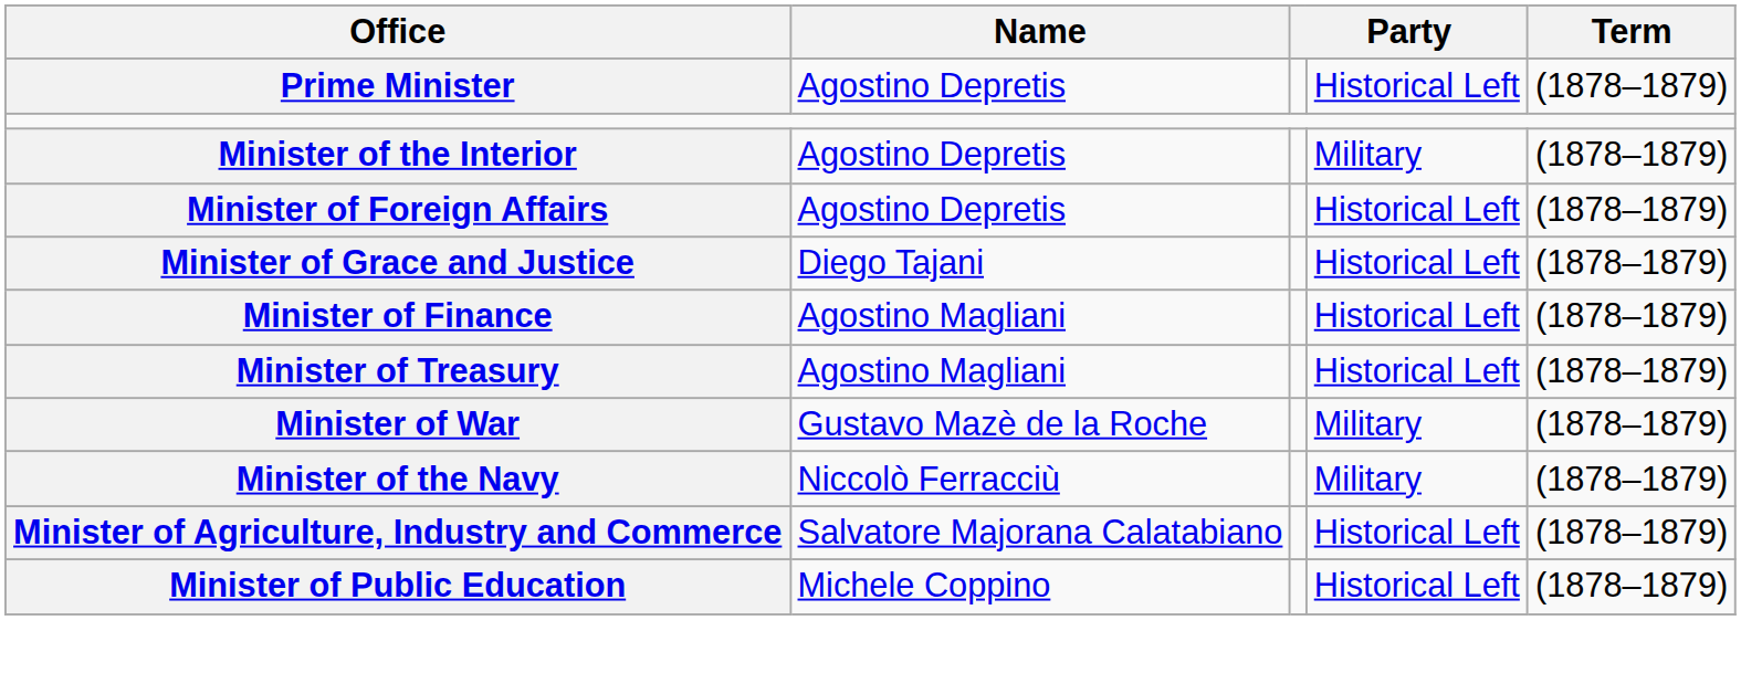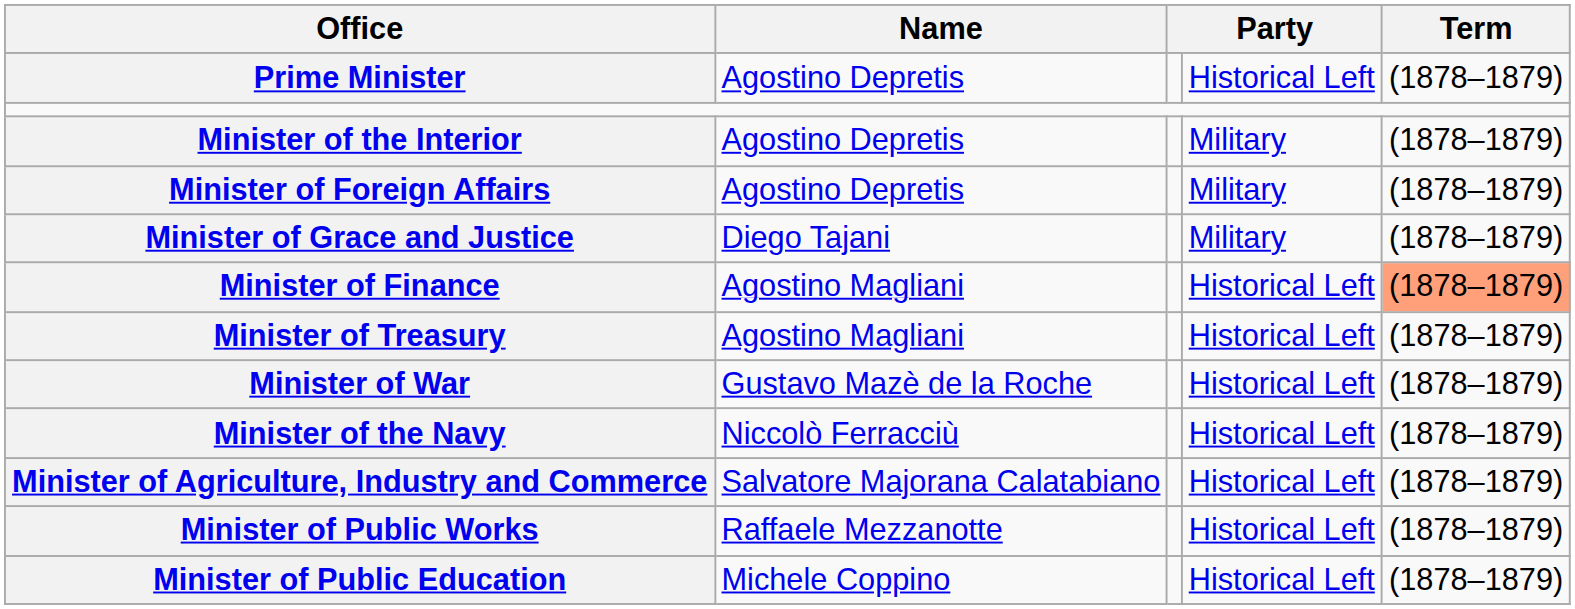 <table class="wikitable" style="font-size: 100%;">
 <tr>
 <th>Office</th>
 <th>Name</th>
 <th colspan=2>Party</th>
 <th>Term</th>
 </tr>
 <tr>
 <th><a href='#'>Prime Minister</a></th>
 <td><a href='#'>Agostino Depretis</a></td>
 <td style="color:inherit;background:"></td>
 <td><a href='#'>Historical Left</a></td>
 <td>(1878–1879)</td>
 </tr>
 <tr>
 <td colspan=5></td>
 </tr>
 <tr>
 <th><a href='#'>Minister of the Interior</a></th>
 <td><a href='#'>Agostino Depretis</a></td>
 <td style="color:inherit;background:"></td>
 <td><a href='#'>Military</a></td>
 <td>(1878–1879)</td>
 </tr>
 <tr>
 <th><a href='#'>Minister of Foreign Affairs</a></th>
 <td><a href='#'>Agostino Depretis</a></td>
 <td style="color:inherit;background:"></td>
-<td><a href='#'>Historical Left</a></td>
+<td><a href='#'>Military</a></td>
 <td>(1878–1879)</td>
 </tr>
 <tr>
 <th><a href='#'>Minister of Grace and Justice</a></th>
 <td><a href='#'>Diego Tajani</a></td>
 <td style="color:inherit;background:"></td>
-<td><a href='#'>Historical Left</a></td>
+<td><a href='#'>Military</a></td>
 <td>(1878–1879)</td>
 </tr>
 <tr>
 <th><a href='#'>Minister of Finance</a></th>
 <td><a href='#'>Agostino Magliani</a></td>
 <td style="color:inherit;background:"></td>
 <td><a href='#'>Historical Left</a></td>
-<td>(1878–1879)</td>
+<td style="background: lightsalmon;">(1878–1879)</td>
 </tr>
 <tr>
 <th><a href='#'>Minister of Treasury</a></th>
 <td><a href='#'>Agostino Magliani</a></td>
 <td style="color:inherit;background:"></td>
 <td><a href='#'>Historical Left</a></td>
 <td>(1878–1879)</td>
 </tr>
 <tr>
 <th><a href='#'>Minister of War</a></th>
 <td><a href='#'>Gustavo Mazè de la Roche</a></td>
 <td style="color:inherit;background:"></td>
-<td><a href='#'>Military</a></td>
+<td><a href='#'>Historical Left</a></td>
 <td>(1878–1879)</td>
 </tr>
 <tr>
 <th><a href='#'>Minister of the Navy</a></th>
 <td><a href='#'>Niccolò Ferracciù</a></td>
 <td style="color:inherit;background:"></td>
-<td><a href='#'>Military</a></td>
+<td><a href='#'>Historical Left</a></td>
 <td>(1878–1879)</td>
 </tr>
 <tr>
 <th><a href='#'>Minister of Agriculture, Industry and Commerce</a></th>
 <td><a href='#'>Salvatore Majorana Calatabiano</a></td>
+<td style="color:inherit;background:"></td>
+<td><a href='#'>Historical Left</a></td>
+<td>(1878–1879)</td>
+</tr>
+<tr>
+<th><a href='#'>Minister of Public Works</a></th>
+<td><a href='#'>Raffaele Mezzanotte</a></td>
 <td style="color:inherit;background:"></td>
 <td><a href='#'>Historical Left</a></td>
 <td>(1878–1879)</td>
 </tr>
 <tr>
 <th><a href='#'>Minister of Public Education</a></th>
 <td><a href='#'>Michele Coppino</a></td>
 <td style="color:inherit;background:"></td>
 <td><a href='#'>Historical Left</a></td>
 <td>(1878–1879)</td>
 </tr>
 </table>
